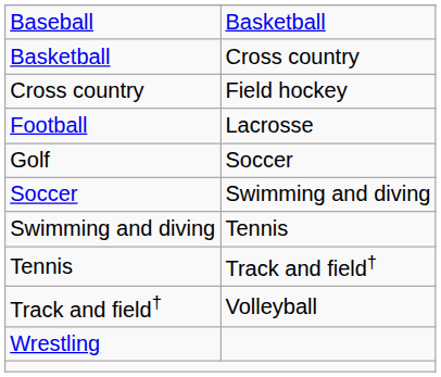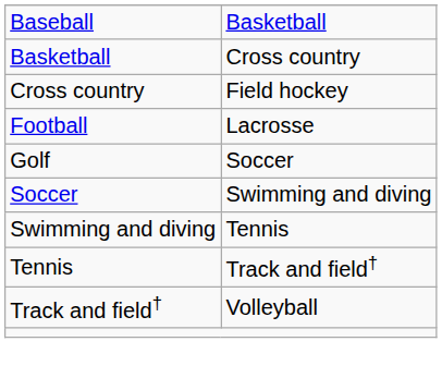 <table class="wikitable">
 <tr>
 </tr>
 <tr>
 <td><a href='#'>Baseball</a></td>
 <td><a href='#'>Basketball</a></td>
 </tr>
 <tr>
 <td><a href='#'>Basketball</a></td>
 <td>Cross country</td>
 </tr>
 <tr>
 <td>Cross country</td>
 <td>Field hockey</td>
 </tr>
 <tr>
 <td><a href='#'>Football</a></td>
 <td>Lacrosse</td>
 </tr>
 <tr>
 <td>Golf</td>
 <td>Soccer</td>
 </tr>
 <tr>
 <td><a href='#'>Soccer</a></td>
 <td>Swimming and diving</td>
 </tr>
 <tr>
 <td>Swimming and diving</td>
 <td>Tennis</td>
 </tr>
 <tr>
 <td>Tennis</td>
 <td>Track and field<sup>†</sup></td>
 </tr>
 <tr>
 <td>Track and field<sup>†</sup></td>
 <td>Volleyball</td>
 </tr>
 <tr>
-<td><a href='#'>Wrestling</a></td>
-<td></td>
-</tr>
-<tr>
 <td colspan="2"></td>
 </tr>
 </table>
